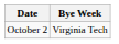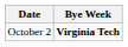 <table class="wikitable" style="font-size:95%;">
 <tr>
 <th>Date</th>
 <th colspan="3">Bye Week</th>
 </tr>
 <tr>
 <td>October 2</td>
-<td>Virginia Tech</td>
+<td><strong>Virginia Tech</strong></td>
 </tr>
 </table>
